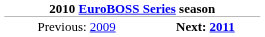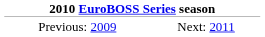 <table style="margin: 0 0 1em 1em; float:right; text-align:center; width: 20em;" class="toccolours">
 <tr>
 <td colspan="2" style="padding:0 1em;border-bottom:1px #aaa solid;"><strong>2010 <a href='#'>EuroBOSS Series</a> season</strong></td>
 </tr>
 <tr>
 <td>Previous: <a href='#'>2009</a></td>
-<td><strong>Next: <a href='#'>2011</a></strong></td>
+<td>Next: <a href='#'>2011</a></td>
 </tr>
 </table>
